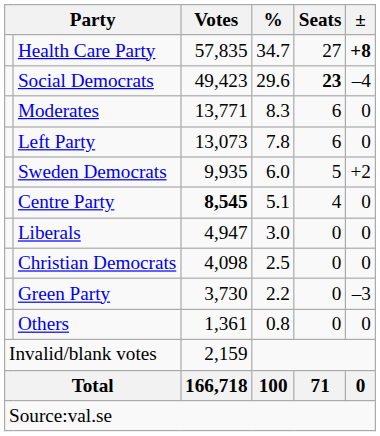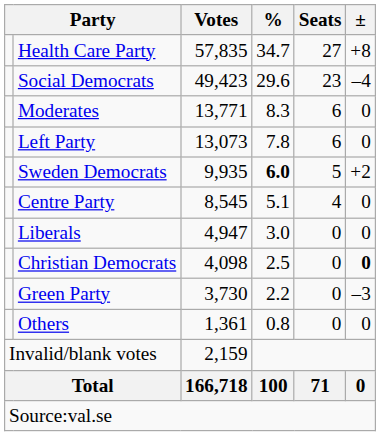 <table class=wikitable style=text-align:right>
 <tr>
 <th colspan=2>Party</th>
 <th>Votes</th>
 <th>%</th>
 <th>Seats</th>
 <th>±</th>
 </tr>
 <tr>
 <td></td>
 <td align=left><a href='#'>Health Care Party</a></td>
 <td>57,835</td>
 <td>34.7</td>
 <td>27</td>
-<td><strong>+8</strong></td>
+<td>+8</td>
 </tr>
 <tr>
 <td bgcolor=></td>
 <td align=left><a href='#'>Social Democrats</a></td>
 <td>49,423</td>
 <td>29.6</td>
-<td><strong>23</strong></td>
+<td>23</td>
 <td>–4</td>
 </tr>
 <tr>
 <td bgcolor=></td>
 <td align=left><a href='#'>Moderates</a></td>
 <td>13,771</td>
 <td>8.3</td>
 <td>6</td>
 <td>0</td>
 </tr>
 <tr>
 <td bgcolor=></td>
 <td align=left><a href='#'>Left Party</a></td>
 <td>13,073</td>
 <td>7.8</td>
 <td>6</td>
 <td>0</td>
 </tr>
 <tr>
 <td bgcolor=></td>
 <td align=left><a href='#'>Sweden Democrats</a></td>
 <td>9,935</td>
-<td>6.0</td>
+<td><strong>6.0</strong></td>
 <td>5</td>
 <td>+2</td>
 </tr>
 <tr>
 <td bgcolor=></td>
 <td align=left><a href='#'>Centre Party</a></td>
-<td><strong>8,545</strong></td>
+<td>8,545</td>
 <td>5.1</td>
 <td>4</td>
 <td>0</td>
 </tr>
 <tr>
 <td bgcolor=></td>
 <td align=left><a href='#'>Liberals</a></td>
 <td>4,947</td>
 <td>3.0</td>
 <td>0</td>
 <td>0</td>
 </tr>
 <tr>
 <td bgcolor=></td>
 <td align=left><a href='#'>Christian Democrats</a></td>
 <td>4,098</td>
 <td>2.5</td>
 <td>0</td>
-<td>0</td>
+<td><strong>0</strong></td>
 </tr>
 <tr>
 <td bgcolor=></td>
 <td align=left><a href='#'>Green Party</a></td>
 <td>3,730</td>
 <td>2.2</td>
 <td>0</td>
 <td>–3</td>
 </tr>
 <tr>
 <td></td>
 <td align=left><a href='#'>Others</a></td>
 <td>1,361</td>
 <td>0.8</td>
 <td>0</td>
 <td>0</td>
 </tr>
 <tr>
 <td align=left colspan=2>Invalid/blank votes</td>
 <td>2,159</td>
 <td colspan=3></td>
 </tr>
 <tr>
 <th align=left colspan=2>Total</th>
 <th>166,718</th>
 <th>100</th>
 <th>71</th>
 <th>0</th>
 </tr>
 <tr>
 <td align=left colspan=6>Source:val.se </td>
 </tr>
 </table>
